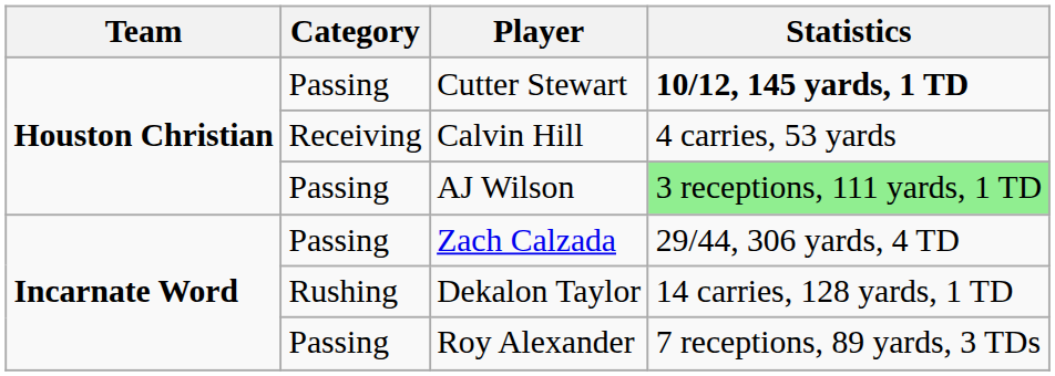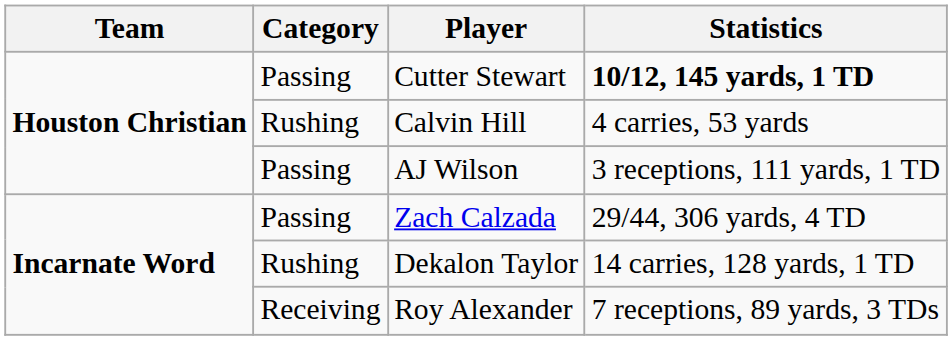 <table class="wikitable" style="float: right;">
 <tr>
 <th>Team</th>
 <th>Category</th>
 <th>Player</th>
 <th>Statistics</th>
 </tr>
 <tr>
 <td rowspan=3><strong>Houston Christian</strong></td>
 <td>Passing</td>
 <td>Cutter Stewart</td>
 <td><strong>10/12, 145 yards, 1 TD</strong></td>
 </tr>
 <tr>
-<td>Receiving</td>
+<td>Rushing</td>
 <td>Calvin Hill</td>
 <td>4 carries, 53 yards</td>
 </tr>
 <tr>
 <td>Passing</td>
 <td>AJ Wilson</td>
-<td style="background: lightgreen;">3 receptions, 111 yards, 1 TD</td>
+<td>3 receptions, 111 yards, 1 TD</td>
 </tr>
 <tr>
 <td rowspan=3><strong>Incarnate Word</strong></td>
 <td>Passing</td>
 <td><a href='#'>Zach Calzada</a></td>
 <td>29/44, 306 yards, 4 TD</td>
 </tr>
 <tr>
 <td>Rushing</td>
 <td>Dekalon Taylor</td>
 <td>14 carries, 128 yards, 1 TD</td>
 </tr>
 <tr>
-<td>Passing</td>
+<td>Receiving</td>
 <td>Roy Alexander</td>
 <td>7 receptions, 89 yards, 3 TDs</td>
 </tr>
 </table>
